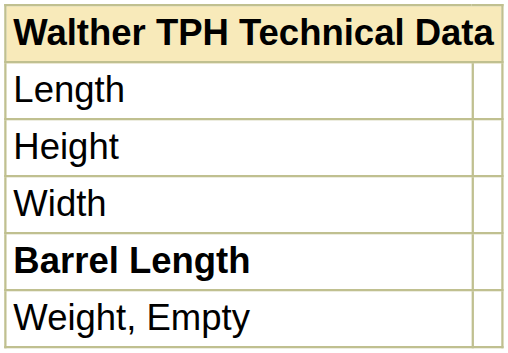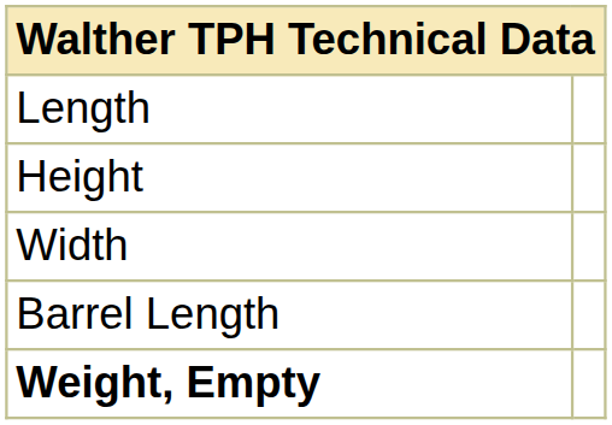 <table border="1" cellspacing="0" cellpadding="3" style="margin: 0 0 0 0.5em; background: #FFFFFF; border-collapse: collapse; border-color: #C0C090;">
 <tr>
 <th align="center" cellspacing="3" style="border: 1px solid #C0C090; background-color: #F8EABA; margin-bottom: 3px;" colspan="3">Walther TPH Technical Data</th>
 </tr>
 <tr>
 <td>Length</td>
 <td></td>
 </tr>
 <tr>
 <td>Height</td>
 <td></td>
 </tr>
 <tr>
 <td>Width</td>
 <td></td>
 </tr>
 <tr>
-<td><strong>Barrel Length</strong></td>
+<td>Barrel Length</td>
 <td></td>
 </tr>
 <tr>
-<td>Weight, Empty</td>
+<td><strong>Weight, Empty</strong></td>
 <td></td>
 </tr>
 </table>
